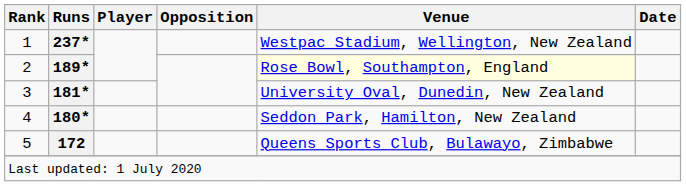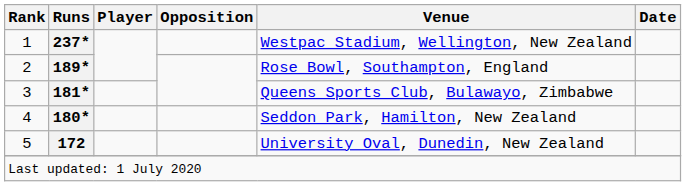 <table class="wikitable plainrowheaders sortable">
 <tr>
 <th scope=col>Rank</th>
 <th scope=col>Runs</th>
 <th scope=col>Player</th>
 <th scope=col>Opposition</th>
 <th scope=col>Venue</th>
 <th scope=col>Date</th>
 </tr>
 <tr>
 <td align=center>1</td>
 <th scope=row style=text-align:center;>237*</th>
 <td rowspan=2></td>
 <td></td>
 <td><a href='#'>Westpac Stadium</a>, <a href='#'>Wellington</a>, New Zealand</td>
 <td></td>
 </tr>
 <tr>
 <td align=center>2</td>
 <th scope=row style=text-align:center;>189*</th>
 <td rowspan=2></td>
-<td style="background: lightyellow;"><a href='#'>Rose Bowl</a>, <a href='#'>Southampton</a>, England</td>
+<td><a href='#'>Rose Bowl</a>, <a href='#'>Southampton</a>, England</td>
 <td></td>
 </tr>
 <tr>
 <td align=center>3</td>
 <th scope=row style=text-align:center;>181*</th>
 <td></td>
-<td><a href='#'>University Oval</a>, <a href='#'>Dunedin</a>, New Zealand</td>
+<td><a href='#'>Queens Sports Club</a>, <a href='#'>Bulawayo</a>, Zimbabwe</td>
 <td></td>
 </tr>
 <tr>
 <td align=center>4</td>
 <th scope=row style=text-align:center;>180*</th>
 <td></td>
 <td></td>
 <td><a href='#'>Seddon Park</a>, <a href='#'>Hamilton</a>, New Zealand</td>
 <td></td>
 </tr>
 <tr>
 <td align=center>5</td>
 <th scope=row style=text-align:center;>172</th>
 <td></td>
 <td></td>
-<td><a href='#'>Queens Sports Club</a>, <a href='#'>Bulawayo</a>, Zimbabwe</td>
+<td><a href='#'>University Oval</a>, <a href='#'>Dunedin</a>, New Zealand</td>
 <td></td>
 </tr>
 <tr>
 </tr>
 <tr class=sortbottom>
 <td colspan=6><small>Last updated: 1 July 2020</small></td>
 </tr>
 </table>
